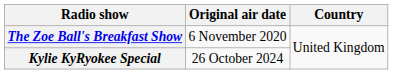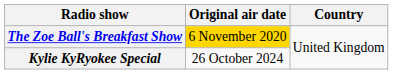 <table class="wikitable plainrowheaders sortable" style="text-align:center;">
 <tr>
 <th scope=col class="unsortable">Radio show</th>
 <th scope=col>Original air date</th>
 <th scope=col>Country</th>
 </tr>
 <tr>
 <th scope=row><em><a href='#'>The Zoe Ball's Breakfast Show</a></em></th>
-<td>6 November 2020</td>
+<td style="background: gold;">6 November 2020</td>
 <td rowspan=2>United Kingdom</td>
 </tr>
 <tr>
 <th scope=row><em>Kylie KyRyokee Special</em></th>
 <td>26 October 2024</td>
 </tr>
 </table>
